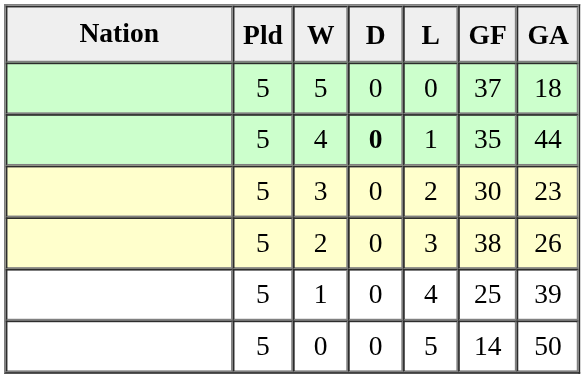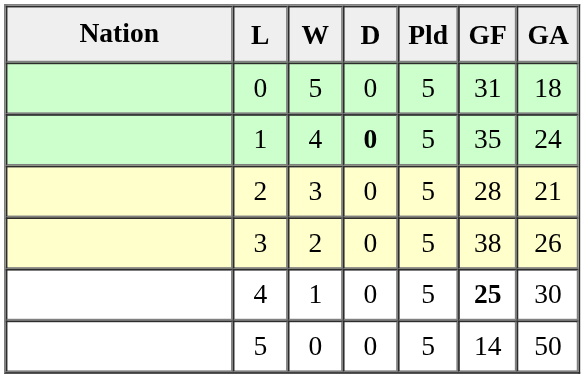 <table border=1 cellpadding=5 cellspacing=0>
 <tr>
 <th bgcolor="#efefef" width="120">Nation　</th>
-<th bgcolor="#efefef" width="20">Pld</th>
+<th bgcolor="#efefef" width="20">L</th>
 <th bgcolor="#efefef" width="20">W</th>
 <th bgcolor="#efefef" width="20">D</th>
-<th bgcolor="#efefef" width="20">L</th>
+<th bgcolor="#efefef" width="20">Pld</th>
 <th bgcolor="#efefef" width="20">GF</th>
 <th bgcolor="#efefef" width="20">GA</th>
 </tr>
 <tr align=center bgcolor="#ccffcc">
 <td align=left></td>
-<td>5</td>
+<td>0</td>
 <td>5</td>
 <td>0</td>
-<td>0</td>
-<td>37</td>
+<td>5</td>
+<td>31</td>
 <td>18</td>
 </tr>
 <tr align=center bgcolor="#ccffcc">
 <td align=left></td>
-<td>5</td>
+<td>1</td>
 <td>4</td>
 <td><strong>0</strong></td>
-<td>1</td>
+<td>5</td>
 <td>35</td>
-<td>44</td>
+<td>24</td>
 </tr>
 <tr align=center bgcolor="#ffffcc">
 <td align=left></td>
-<td>5</td>
+<td>2</td>
 <td>3</td>
 <td>0</td>
-<td>2</td>
-<td>30</td>
-<td>23</td>
+<td>5</td>
+<td>28</td>
+<td>21</td>
 </tr>
 <tr align=center bgcolor="#ffffcc">
 <td align=left></td>
-<td>5</td>
+<td>3</td>
 <td>2</td>
 <td>0</td>
-<td>3</td>
+<td>5</td>
 <td>38</td>
 <td>26</td>
 </tr>
 <tr align=center>
 <td align=left></td>
-<td>5</td>
+<td>4</td>
 <td>1</td>
 <td>0</td>
-<td>4</td>
-<td>25</td>
-<td>39</td>
+<td>5</td>
+<td><strong>25</strong></td>
+<td>30</td>
 </tr>
 <tr align=center>
 <td align=left></td>
 <td>5</td>
 <td>0</td>
 <td>0</td>
 <td>5</td>
 <td>14</td>
 <td>50</td>
 </tr>
 </table>
